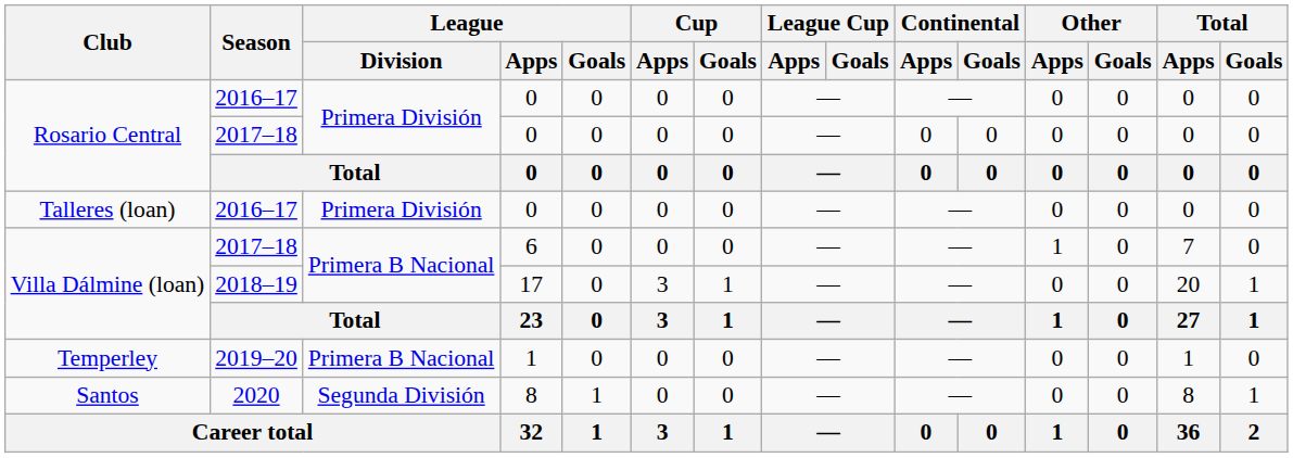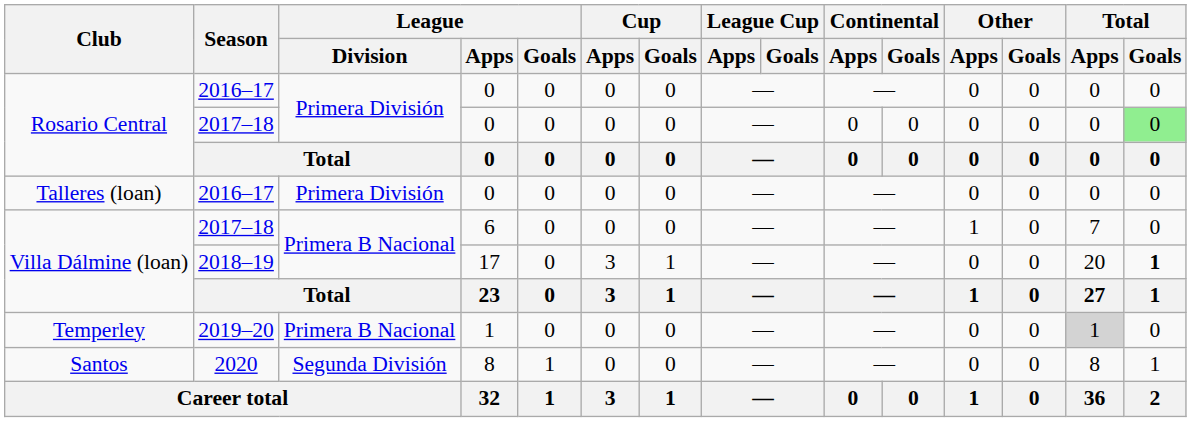 <table class="wikitable" style="text-align:center">
 <tr>
 <th rowspan="2">Club</th>
 <th rowspan="2">Season</th>
 <th colspan="3">League</th>
 <th colspan="2">Cup</th>
 <th colspan="2">League Cup</th>
 <th colspan="2">Continental</th>
 <th colspan="2">Other</th>
 <th colspan="2">Total</th>
 </tr>
 <tr>
 <th>Division</th>
 <th>Apps</th>
 <th>Goals</th>
 <th>Apps</th>
 <th>Goals</th>
 <th>Apps</th>
 <th>Goals</th>
 <th>Apps</th>
 <th>Goals</th>
 <th>Apps</th>
 <th>Goals</th>
 <th>Apps</th>
 <th>Goals</th>
 </tr>
 <tr>
 <td rowspan="3"><a href='#'>Rosario Central</a></td>
 <td><a href='#'>2016–17</a></td>
 <td rowspan="2"><a href='#'>Primera División</a></td>
 <td>0</td>
 <td>0</td>
 <td>0</td>
 <td>0</td>
 <td colspan="2">—</td>
 <td colspan="2">—</td>
 <td>0</td>
 <td>0</td>
 <td>0</td>
 <td>0</td>
 </tr>
 <tr>
 <td><a href='#'>2017–18</a></td>
 <td>0</td>
 <td>0</td>
 <td>0</td>
 <td>0</td>
 <td colspan="2">—</td>
 <td>0</td>
 <td>0</td>
 <td>0</td>
 <td>0</td>
 <td>0</td>
-<td>0</td>
+<td style="background: lightgreen;">0</td>
 </tr>
 <tr>
 <th colspan="2">Total</th>
 <th>0</th>
 <th>0</th>
 <th>0</th>
 <th>0</th>
 <th colspan="2">—</th>
 <th>0</th>
 <th>0</th>
 <th>0</th>
 <th>0</th>
 <th>0</th>
 <th>0</th>
 </tr>
 <tr>
 <td rowspan="1"><a href='#'>Talleres</a> (loan)</td>
 <td><a href='#'>2016–17</a></td>
 <td rowspan="1"><a href='#'>Primera División</a></td>
 <td>0</td>
 <td>0</td>
 <td>0</td>
 <td>0</td>
 <td colspan="2">—</td>
 <td colspan="2">—</td>
 <td>0</td>
 <td>0</td>
 <td>0</td>
 <td>0</td>
 </tr>
 <tr>
 <td rowspan="3"><a href='#'>Villa Dálmine</a> (loan)</td>
 <td><a href='#'>2017–18</a></td>
 <td rowspan="2"><a href='#'>Primera B Nacional</a></td>
 <td>6</td>
 <td>0</td>
 <td>0</td>
 <td>0</td>
 <td colspan="2">—</td>
 <td colspan="2">—</td>
 <td>1</td>
 <td>0</td>
 <td>7</td>
 <td>0</td>
 </tr>
 <tr>
 <td><a href='#'>2018–19</a></td>
 <td>17</td>
 <td>0</td>
 <td>3</td>
 <td>1</td>
 <td colspan="2">—</td>
 <td colspan="2">—</td>
 <td>0</td>
 <td>0</td>
 <td>20</td>
-<td>1</td>
+<td><strong>1</strong></td>
 </tr>
 <tr>
 <th colspan="2">Total</th>
 <th>23</th>
 <th>0</th>
 <th>3</th>
 <th>1</th>
 <th colspan="2">—</th>
 <th colspan="2">—</th>
 <th>1</th>
 <th>0</th>
 <th>27</th>
 <th>1</th>
 </tr>
 <tr>
 <td rowspan="1"><a href='#'>Temperley</a></td>
 <td><a href='#'>2019–20</a></td>
 <td rowspan="1"><a href='#'>Primera B Nacional</a></td>
 <td>1</td>
 <td>0</td>
 <td>0</td>
 <td>0</td>
 <td colspan="2">—</td>
 <td colspan="2">—</td>
 <td>0</td>
 <td>0</td>
-<td>1</td>
+<td style="background: lightgrey;">1</td>
 <td>0</td>
 </tr>
 <tr>
 <td rowspan="1"><a href='#'>Santos</a></td>
 <td><a href='#'>2020</a></td>
 <td rowspan="1"><a href='#'>Segunda División</a></td>
 <td>8</td>
 <td>1</td>
 <td>0</td>
 <td>0</td>
 <td colspan="2">—</td>
 <td colspan="2">—</td>
 <td>0</td>
 <td>0</td>
 <td>8</td>
 <td>1</td>
 </tr>
 <tr>
 <th colspan="3">Career total</th>
 <th>32</th>
 <th>1</th>
 <th>3</th>
 <th>1</th>
 <th colspan="2">—</th>
 <th>0</th>
 <th>0</th>
 <th>1</th>
 <th>0</th>
 <th>36</th>
 <th>2</th>
 </tr>
 </table>
